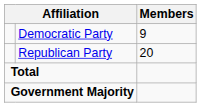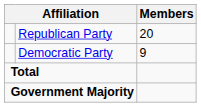 <table class="wikitable">
 <tr>
 <th colspan="2">Affiliation</th>
 <th>Members</th>
 </tr>
 <tr>
 <td style="background-color:"> </td>
-<td><a href='#'>Democratic Party</a></td>
-<td>9</td>
+<td><a href='#'>Republican Party</a></td>
+<td>20</td>
 </tr>
 <tr>
 <td style="background-color:"> </td>
-<td><a href='#'>Republican Party</a></td>
-<td>20</td>
+<td><a href='#'>Democratic Party</a></td>
+<td>9</td>
 </tr>
 <tr>
 <td colspan="2" rowspan="1"> <strong>Total</strong><br></td>
 <td></td>
 </tr>
 <tr>
 <td colspan="2" rowspan="1"> <strong>Government Majority</strong><br></td>
 <td></td>
 </tr>
 </table>
